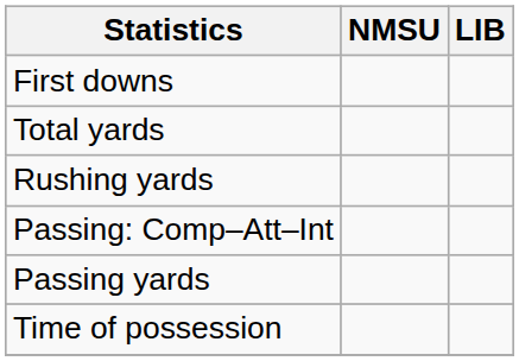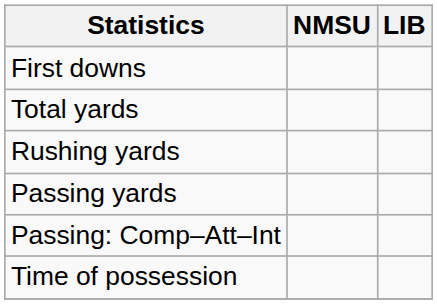 <table class="wikitable" style="float: left;">
 <tr>
 <th>Statistics</th>
 <th>NMSU</th>
 <th>LIB</th>
 </tr>
 <tr>
 <td>First downs</td>
 <td></td>
 <td></td>
 </tr>
 <tr>
 <td>Total yards</td>
 <td></td>
 <td></td>
 </tr>
 <tr>
 <td>Rushing yards</td>
 <td></td>
 <td></td>
 </tr>
 <tr>
-<td>Passing: Comp–Att–Int</td>
+<td>Passing yards</td>
 <td></td>
 <td></td>
 </tr>
 <tr>
-<td>Passing yards</td>
+<td>Passing: Comp–Att–Int</td>
 <td></td>
 <td></td>
 </tr>
 <tr>
 <td>Time of possession</td>
 <td></td>
 <td></td>
 </tr>
 <tr>
 </tr>
 </table>
